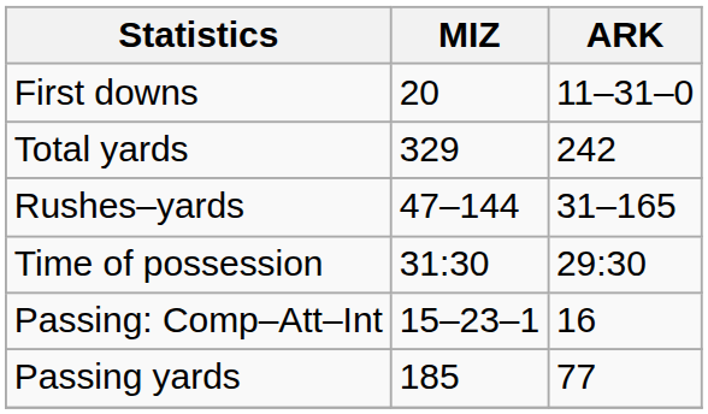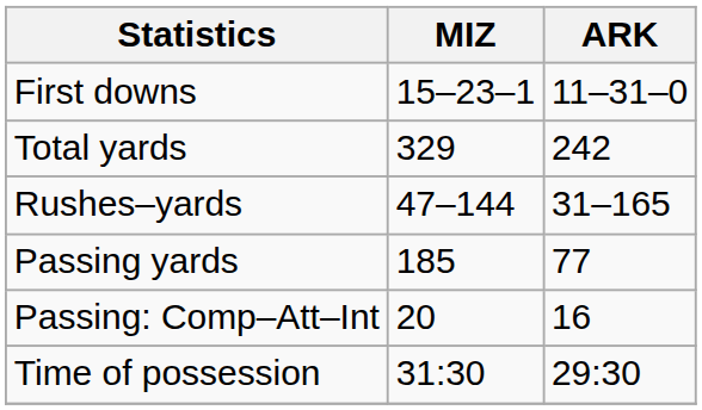 <table class="wikitable" style="float: left;">
 <tr>
 <th>Statistics</th>
 <th>MIZ</th>
 <th>ARK</th>
 </tr>
 <tr>
 <td>First downs</td>
-<td>20</td>
+<td>15–23–1</td>
 <td>11–31–0</td>
 </tr>
 <tr>
 <td>Total yards</td>
 <td>329</td>
 <td>242</td>
 </tr>
 <tr>
 <td>Rushes–yards</td>
 <td>47–144</td>
 <td>31–165</td>
 </tr>
 <tr>
+<td>Passing yards</td>
+<td>185</td>
+<td>77</td>
+</tr>
+<tr>
+<td>Passing: Comp–Att–Int</td>
+<td>20</td>
+<td>16</td>
+</tr>
+<tr>
 <td>Time of possession</td>
 <td>31:30</td>
 <td>29:30</td>
 </tr>
 <tr>
-<td>Passing: Comp–Att–Int</td>
-<td>15–23–1</td>
-<td>16</td>
-</tr>
-<tr>
-<td>Passing yards</td>
-<td>185</td>
-<td>77</td>
-</tr>
-<tr>
 </tr>
 </table>
